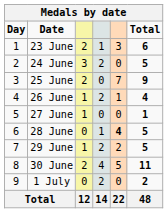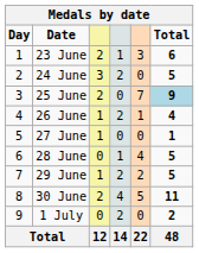 <table class="wikitable" style="font-size:85%; text-align:center;">
 <tr style="background:#efefef;">
 <th colspan=6><strong>Medals by date</strong></th>
 </tr>
 <tr>
 <td><strong>Day</strong></td>
 <td><strong>Date</strong></td>
 <td style="background:#F7F6A8;"></td>
 <td style="background:#DCE5E5;"></td>
 <td style="background:#FFDAB9;"></td>
 <td><strong>Total</strong></td>
 </tr>
 <tr>
 <td>1</td>
 <td>23 June</td>
 <td style="background:#F7F6A8;">2</td>
 <td style="background:#DCE5E5;">1</td>
 <td style="background:#FFDAB9;">3</td>
 <td><strong>6</strong></td>
 </tr>
 <tr>
 <td>2</td>
 <td>24 June</td>
 <td style="background:#F7F6A8;">3</td>
 <td style="background:#DCE5E5;">2</td>
 <td style="background:#FFDAB9;">0</td>
 <td><strong>5</strong></td>
 </tr>
 <tr>
 <td>3</td>
 <td>25 June</td>
 <td style="background:#F7F6A8;">2</td>
 <td style="background:#DCE5E5;">0</td>
 <td style="background:#FFDAB9;">7</td>
-<td><strong>9</strong></td>
+<td style="background: lightblue;"><strong>9</strong></td>
 </tr>
 <tr>
 <td>4</td>
 <td>26 June</td>
 <td style="background:#F7F6A8;">1</td>
 <td style="background:#DCE5E5;">2</td>
 <td style="background:#FFDAB9;">1</td>
 <td><strong>4</strong></td>
 </tr>
 <tr>
 <td>5</td>
 <td>27 June</td>
 <td style="background:#F7F6A8;">1</td>
 <td style="background:#DCE5E5;">0</td>
 <td style="background:#FFDAB9;">0</td>
 <td><strong>1</strong></td>
 </tr>
 <tr>
 <td>6</td>
 <td>28 June</td>
 <td style="background:#F7F6A8;">0</td>
 <td style="background:#DCE5E5;">1</td>
-<td style="background:#FFDAB9;"><strong>4</strong></td>
+<td style="background:#FFDAB9;">4</td>
 <td><strong>5</strong></td>
 </tr>
 <tr>
 <td>7</td>
 <td>29 June</td>
 <td style="background:#F7F6A8;">1</td>
 <td style="background:#DCE5E5;">2</td>
 <td style="background:#FFDAB9;">2</td>
 <td><strong>5</strong></td>
 </tr>
 <tr>
 <td>8</td>
 <td>30 June</td>
 <td style="background:#F7F6A8;">2</td>
 <td style="background:#DCE5E5;">4</td>
 <td style="background:#FFDAB9;">5</td>
 <td><strong>11</strong></td>
 </tr>
 <tr>
 <td>9</td>
 <td>1 July</td>
 <td style="background:#F7F6A8;">0</td>
 <td style="background:#DCE5E5;">2</td>
 <td style="background:#FFDAB9;">0</td>
 <td><strong>2</strong></td>
 </tr>
 <tr>
 <th colspan="2">Total</th>
 <th>12</th>
 <th>14</th>
 <th>22</th>
 <th>48</th>
 </tr>
 </table>
